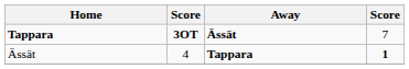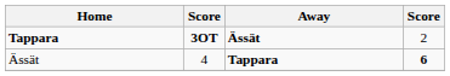 <table class="wikitable">
 <tr>
 <th width="200">Home</th>
 <th width="40">Score</th>
 <th width="200">Away</th>
 <th width="40">Score</th>
 </tr>
 <tr>
 <td><strong>Tappara</strong></td>
 <td align=center><strong>3OT</strong></td>
 <td><strong>Ässät</strong></td>
-<td align=center>7</td>
+<td align=center>2</td>
 </tr>
 <tr>
 <td>Ässät</td>
 <td align=center>4</td>
 <td><strong>Tappara</strong></td>
-<td align=center><strong>1</strong></td>
+<td align=center><strong>6</strong></td>
 </tr>
 <tr>
 </tr>
 </table>
